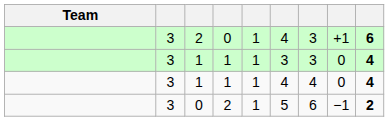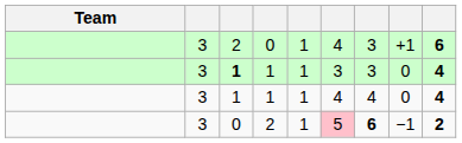 <table class="wikitable" style="text-align:center">
 <tr>
 <th width=165>Team</th>
 <th width=25></th>
 <th width=25></th>
 <th width=25></th>
 <th width=25></th>
 <th width=25></th>
 <th width=25></th>
 <th width=25></th>
 <th width=25></th>
 </tr>
 <tr style="background:#cfc">
 <td align="left"></td>
 <td>3</td>
 <td>2</td>
 <td>0</td>
 <td>1</td>
 <td>4</td>
 <td>3</td>
 <td>+1</td>
 <td><strong>6</strong></td>
 </tr>
 <tr style="background:#cfc">
 <td align="left"></td>
 <td>3</td>
-<td>1</td>
+<td><strong>1</strong></td>
 <td>1</td>
 <td>1</td>
 <td>3</td>
 <td>3</td>
 <td>0</td>
 <td><strong>4</strong></td>
 </tr>
 <tr>
 <td align="left"></td>
 <td>3</td>
 <td>1</td>
 <td>1</td>
 <td>1</td>
 <td>4</td>
 <td>4</td>
 <td>0</td>
 <td><strong>4</strong></td>
 </tr>
 <tr>
 <td align="left"></td>
 <td>3</td>
 <td>0</td>
 <td>2</td>
 <td>1</td>
-<td>5</td>
-<td>6</td>
+<td style="background: pink;">5</td>
+<td><strong>6</strong></td>
 <td>−1</td>
 <td><strong>2</strong></td>
 </tr>
 </table>
